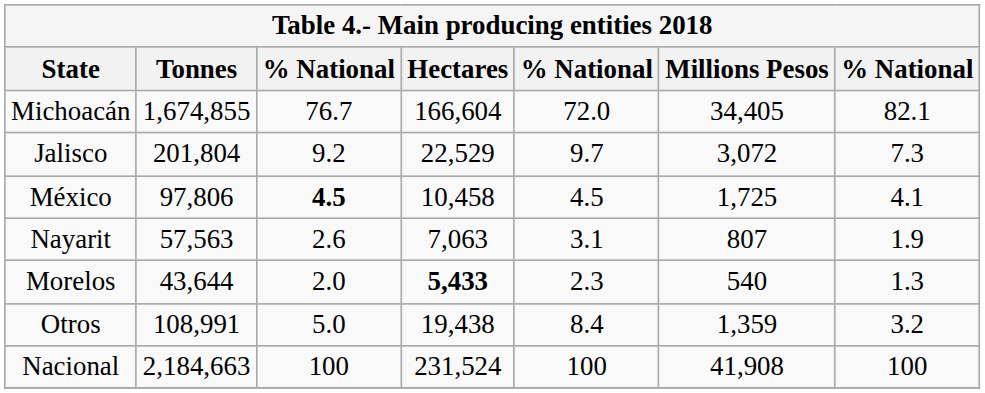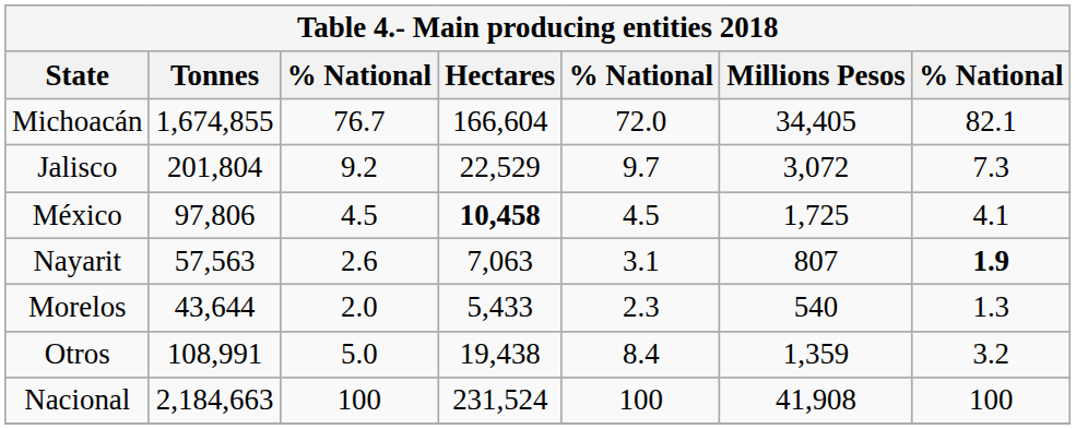 <table class="wikitable sortable" style="background:">
 <tr>
 <th colspan="11" align="center" style="background:#f5f5f5;">Table 4.- Main producing entities 2018</th>
 </tr>
 <tr>
 <th>State</th>
 <th>Tonnes</th>
 <th>% National</th>
 <th>Hectares</th>
 <th>% National</th>
 <th>Millions Pesos</th>
 <th>% National</th>
 </tr>
 <tr>
 <td align="center">Michoacán</td>
 <td align="center">1,674,855</td>
 <td align="center">76.7</td>
 <td align="center">166,604</td>
 <td align="center">72.0</td>
 <td align="center">34,405</td>
 <td align="center">82.1</td>
 </tr>
 <tr>
 <td align="center">Jalisco</td>
 <td align="center">201,804</td>
 <td align="center">9.2</td>
 <td align="center">22,529</td>
 <td align="center">9.7</td>
 <td align="center">3,072</td>
 <td align="center">7.3</td>
 </tr>
 <tr>
 <td align="center">México</td>
 <td align="center">97,806</td>
-<td align="center"><strong>4.5</strong></td>
-<td align="center">10,458</td>
+<td align="center">4.5</td>
+<td align="center"><strong>10,458</strong></td>
 <td align="center">4.5</td>
 <td align="center">1,725</td>
 <td align="center">4.1</td>
 </tr>
 <tr>
 <td align="center">Nayarit</td>
 <td align="center">57,563</td>
 <td align="center">2.6</td>
 <td align="center">7,063</td>
 <td align="center">3.1</td>
 <td align="center">807</td>
-<td align="center">1.9</td>
+<td align="center"><strong>1.9</strong></td>
 </tr>
 <tr>
 <td align="center">Morelos</td>
 <td align="center">43,644</td>
 <td align="center">2.0</td>
-<td align="center"><strong>5,433</strong></td>
+<td align="center">5,433</td>
 <td align="center">2.3</td>
 <td align="center">540</td>
 <td align="center">1.3</td>
 </tr>
 <tr>
 <td align="center">Otros</td>
 <td align="center">108,991</td>
 <td align="center">5.0</td>
 <td align="center">19,438</td>
 <td align="center">8.4</td>
 <td align="center">1,359</td>
 <td align="center">3.2</td>
 </tr>
 <tr>
 <td align="center">Nacional</td>
 <td align="center">2,184,663</td>
 <td align="center">100</td>
 <td align="center">231,524</td>
 <td align="center">100</td>
 <td align="center">41,908</td>
 <td align="center">100</td>
 </tr>
 <tr>
 </tr>
 </table>
